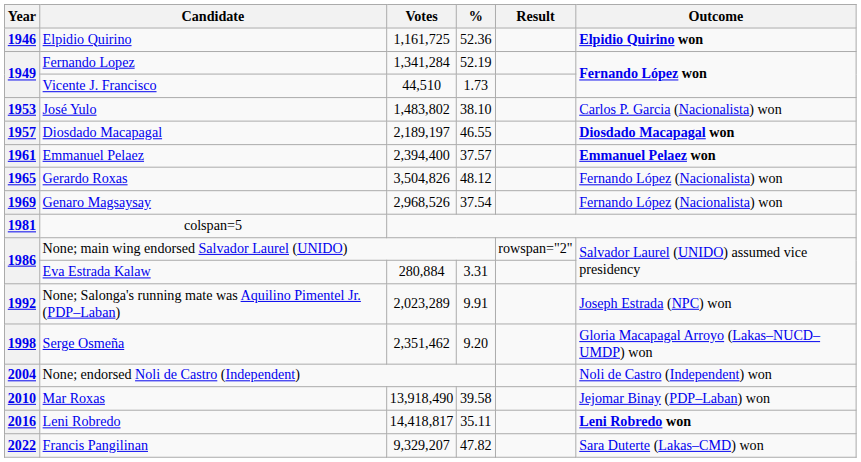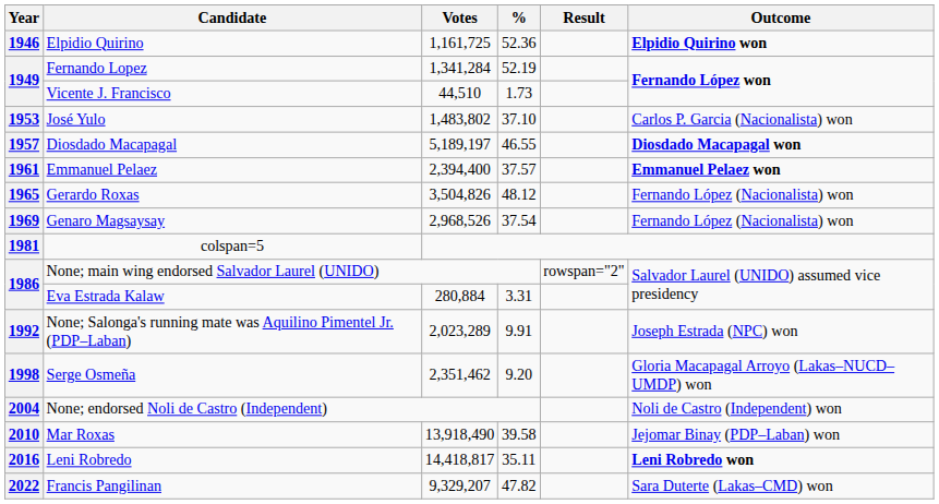 <table class="wikitable sortable" style="text-align:center; font-size:90%">
 <tr>
 <th>Year</th>
 <th>Candidate</th>
 <th>Votes</th>
 <th>%</th>
 <th>Result</th>
 <th>Outcome</th>
 </tr>
 <tr>
 <th><a href='#'>1946</a></th>
 <td align="left"><a href='#'>Elpidio Quirino</a></td>
 <td>1,161,725</td>
 <td>52.36</td>
 <td></td>
 <td align="left"><strong><a href='#'>Elpidio Quirino</a> won</strong></td>
 </tr>
 <tr>
 <th rowspan="2"><a href='#'>1949</a></th>
 <td align="left"><a href='#'>Fernando Lopez</a></td>
 <td>1,341,284</td>
 <td>52.19</td>
 <td></td>
 <td rowspan="2" align="left"><strong><a href='#'>Fernando López</a> won</strong></td>
 </tr>
 <tr>
 <td align="left"><a href='#'>Vicente J. Francisco</a></td>
 <td>44,510</td>
 <td>1.73</td>
 <td></td>
 </tr>
 <tr>
 <th><a href='#'>1953</a></th>
 <td align="left"><a href='#'>José Yulo</a></td>
 <td>1,483,802</td>
-<td>38.10</td>
+<td>37.10</td>
 <td></td>
 <td align="left"><a href='#'>Carlos P. Garcia</a> (<a href='#'>Nacionalista</a>) won</td>
 </tr>
 <tr>
 <th><a href='#'>1957</a></th>
 <td align="left"><a href='#'>Diosdado Macapagal</a></td>
-<td>2,189,197</td>
+<td>5,189,197</td>
 <td>46.55</td>
 <td></td>
 <td align="left"><strong><a href='#'>Diosdado Macapagal</a> won</strong></td>
 </tr>
 <tr>
 <th><a href='#'>1961</a></th>
 <td align="left"><a href='#'>Emmanuel Pelaez</a></td>
 <td>2,394,400</td>
 <td>37.57</td>
 <td></td>
 <td align="left"><strong><a href='#'>Emmanuel Pelaez</a> won</strong></td>
 </tr>
 <tr>
 <th><a href='#'>1965</a></th>
 <td align="left"><a href='#'>Gerardo Roxas</a></td>
 <td>3,504,826</td>
 <td>48.12</td>
 <td></td>
 <td align="left"><a href='#'>Fernando López</a> (<a href='#'>Nacionalista</a>) won</td>
 </tr>
 <tr>
 <th><a href='#'>1969</a></th>
 <td align="left"><a href='#'>Genaro Magsaysay</a></td>
 <td>2,968,526</td>
 <td>37.54</td>
 <td></td>
 <td align="left"><a href='#'>Fernando López</a> (<a href='#'>Nacionalista</a>) won</td>
 </tr>
 <tr>
 <th><a href='#'>1981</a></th>
 <td>colspan=5 </td>
 </tr>
 <tr>
 <th rowspan="2"><a href='#'>1986</a></th>
 <td colspan="3" align="left">None; main wing endorsed <a href='#'>Salvador Laurel</a> (<a href='#'>UNIDO</a>)</td>
 <td>rowspan="2" </td>
 <td rowspan="2" align="left"><a href='#'>Salvador Laurel</a> (<a href='#'>UNIDO</a>) assumed vice presidency</td>
 </tr>
 <tr>
 <td align="left"><a href='#'>Eva Estrada Kalaw</a></td>
 <td>280,884</td>
 <td>3.31</td>
 </tr>
 <tr>
 <th><a href='#'>1992</a></th>
 <td align="left">None; Salonga's running mate was <a href='#'>Aquilino Pimentel Jr.</a> (<a href='#'>PDP–Laban</a>)</td>
 <td>2,023,289</td>
 <td>9.91</td>
 <td></td>
 <td align="left"><a href='#'>Joseph Estrada</a> (<a href='#'>NPC</a>) won</td>
 </tr>
 <tr>
 <th><a href='#'>1998</a></th>
 <td align="left"><a href='#'>Serge Osmeña</a></td>
 <td>2,351,462</td>
 <td>9.20</td>
 <td></td>
 <td align="left"><a href='#'>Gloria Macapagal Arroyo</a> (<a href='#'>Lakas–NUCD–UMDP</a>) won</td>
 </tr>
 <tr>
 <th><a href='#'>2004</a></th>
 <td colspan="3" align="left">None; endorsed <a href='#'>Noli de Castro</a> (<a href='#'>Independent</a>)</td>
 <td></td>
 <td align="left"><a href='#'>Noli de Castro</a> (<a href='#'>Independent</a>) won</td>
 </tr>
 <tr>
 <th><a href='#'>2010</a></th>
 <td align="left"><a href='#'>Mar Roxas</a></td>
 <td>13,918,490</td>
 <td>39.58</td>
 <td></td>
 <td align="left"><a href='#'>Jejomar Binay</a> (<a href='#'>PDP–Laban</a>) won</td>
 </tr>
 <tr>
 <th><a href='#'>2016</a></th>
 <td align="left"><a href='#'>Leni Robredo</a></td>
 <td>14,418,817</td>
 <td>35.11</td>
 <td></td>
 <td align="left"><strong><a href='#'>Leni Robredo</a> won</strong></td>
 </tr>
 <tr>
 <th><a href='#'>2022</a></th>
 <td align="left"><a href='#'>Francis Pangilinan</a></td>
 <td>9,329,207</td>
 <td>47.82</td>
 <td></td>
 <td align="left"><a href='#'>Sara Duterte</a> (<a href='#'>Lakas–CMD</a>) won</td>
 </tr>
 </table>
